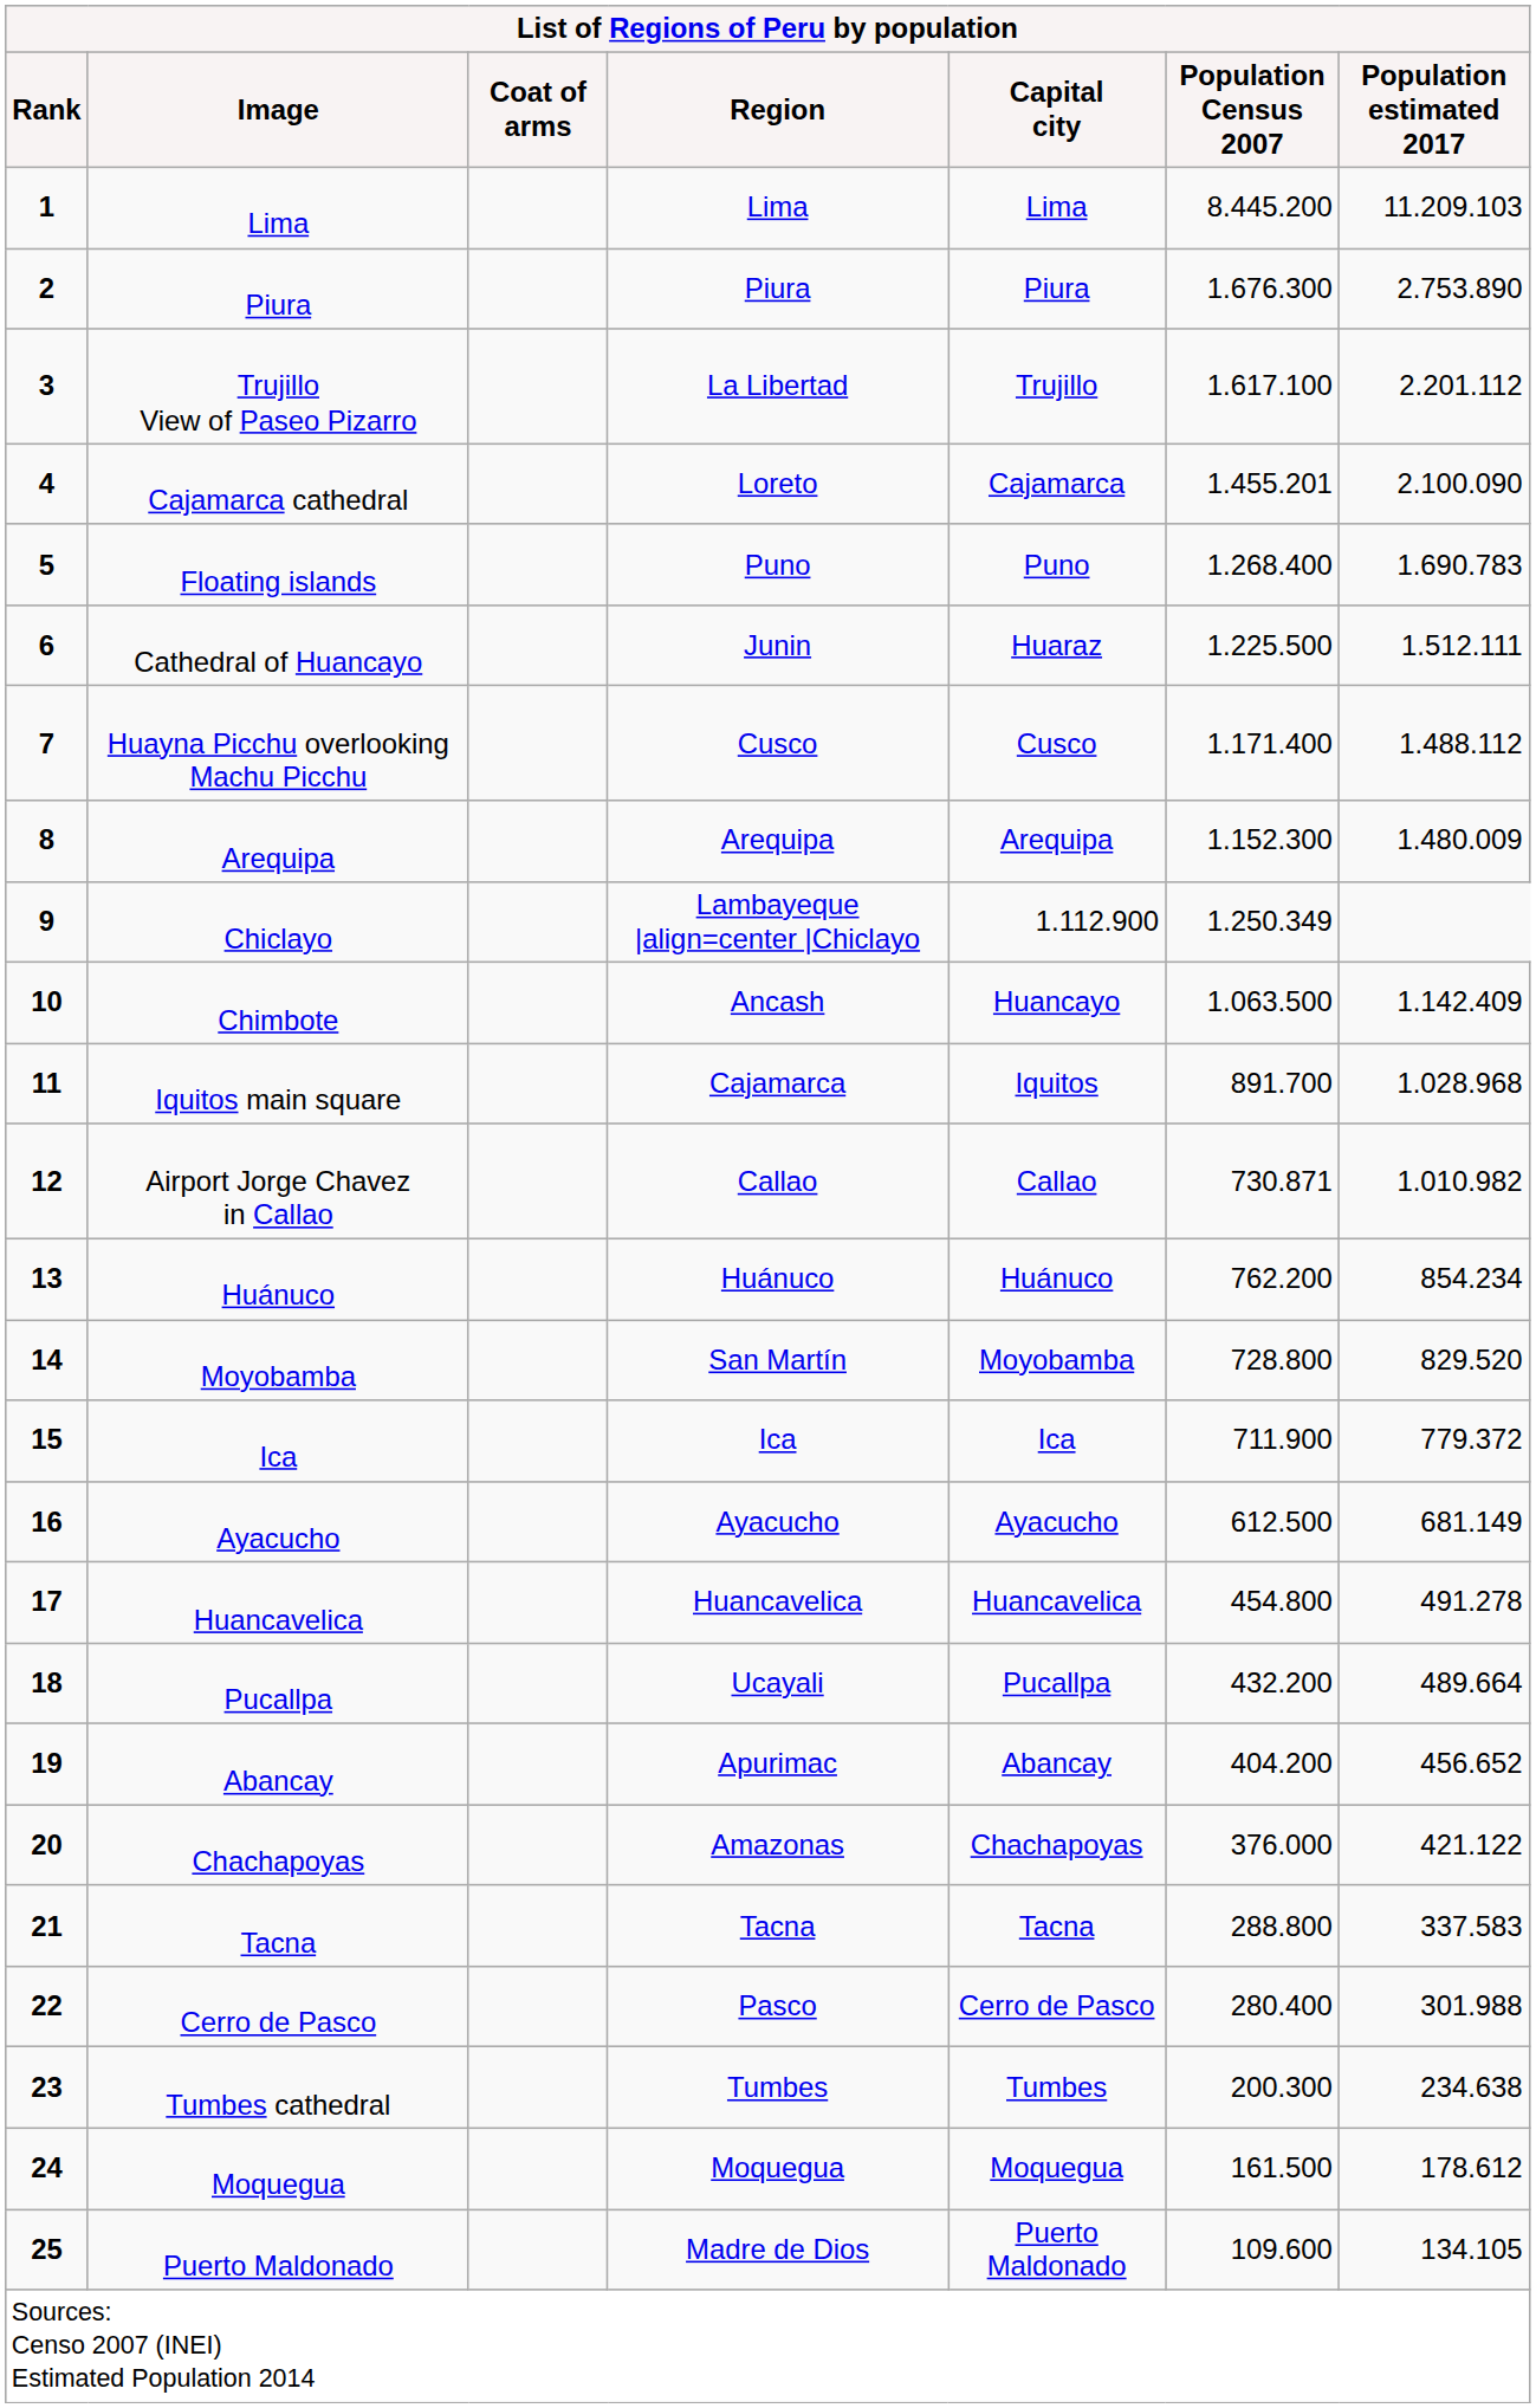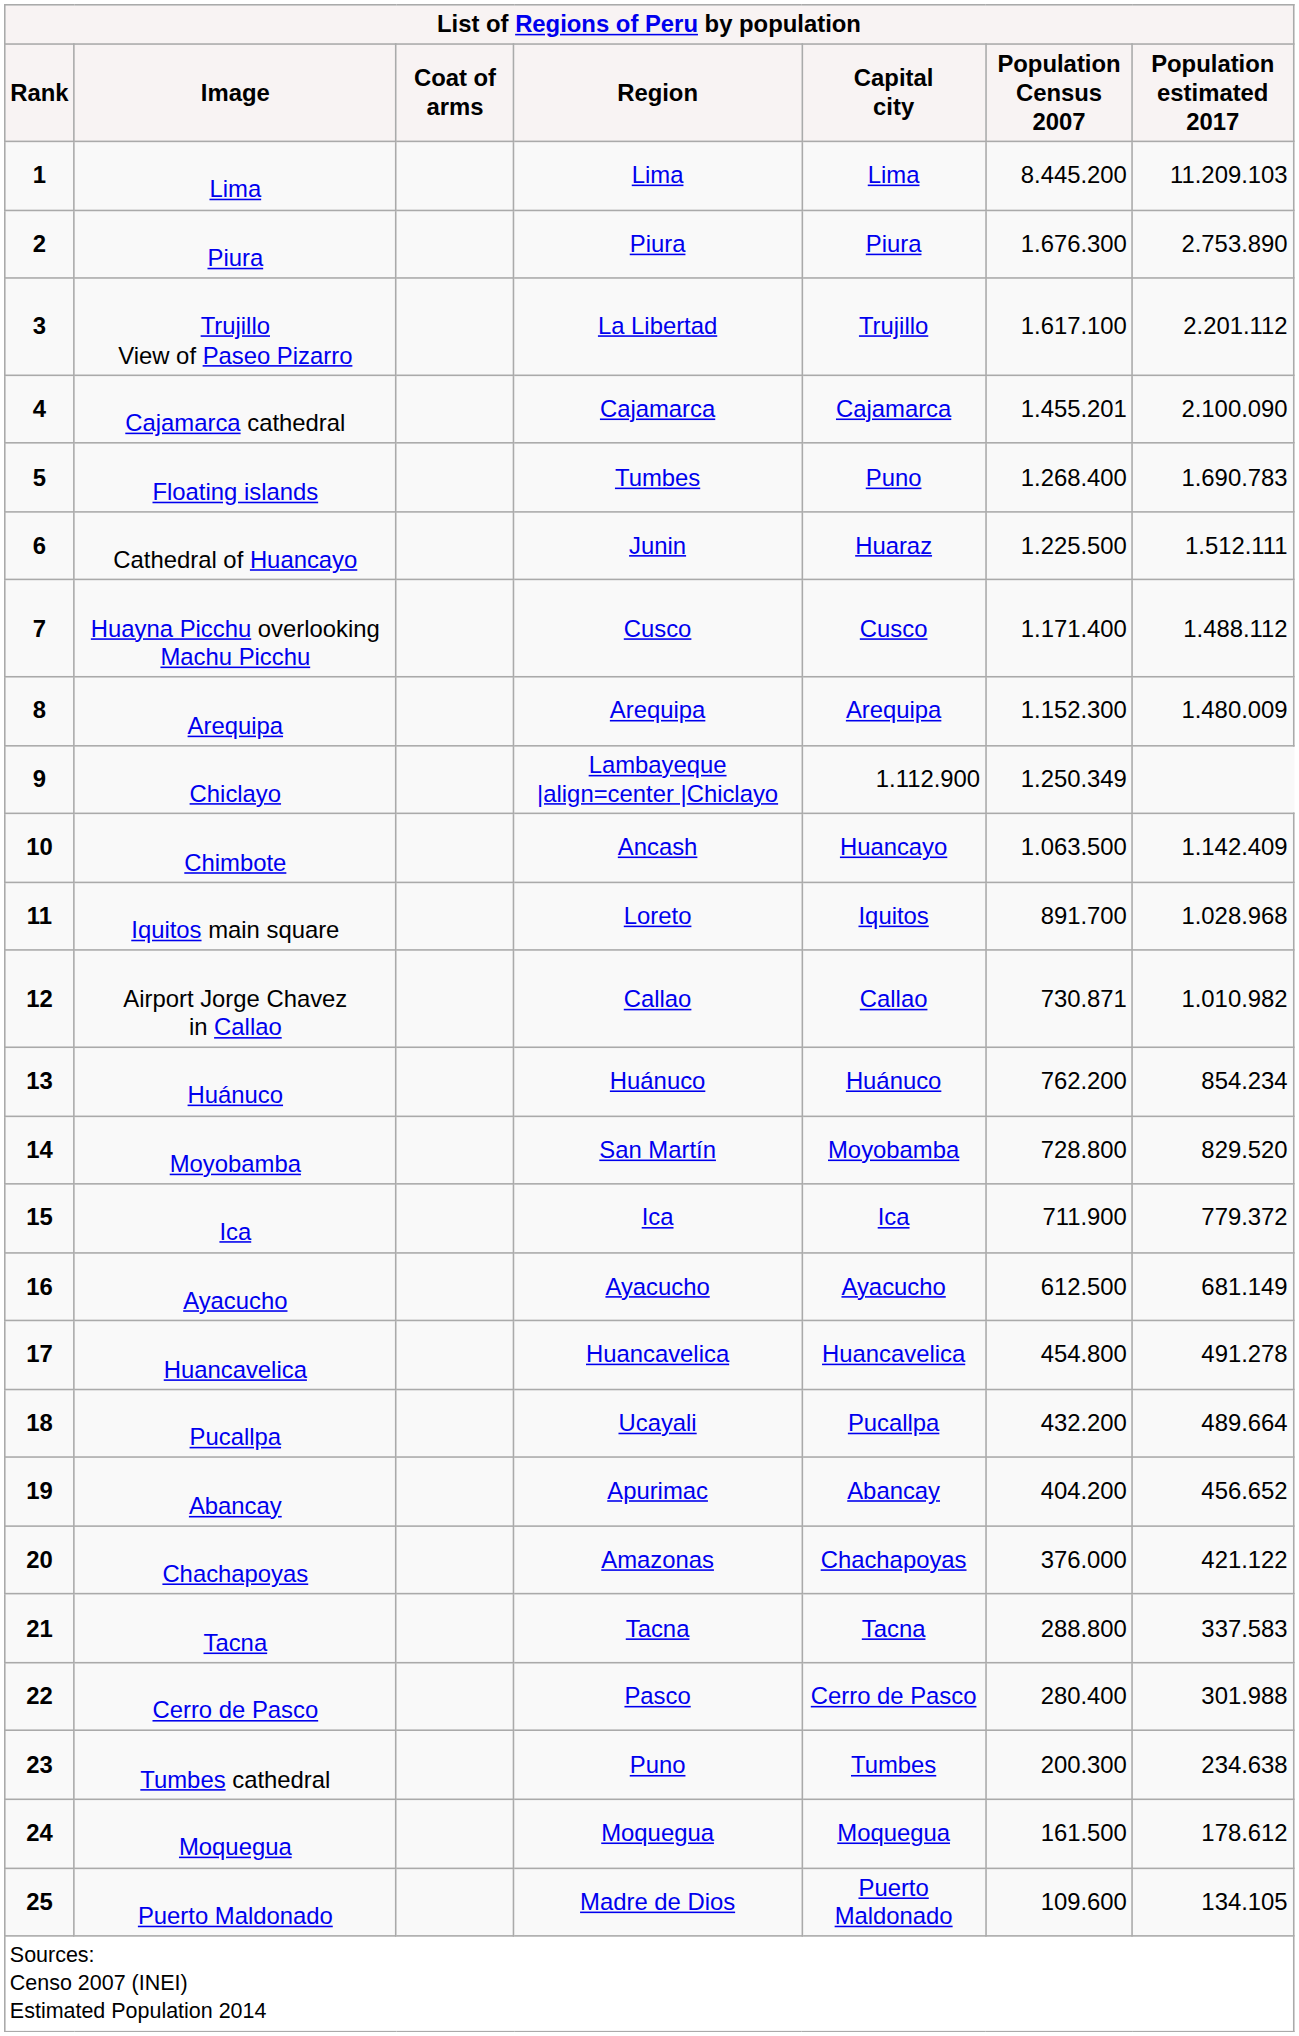 <table class="wikitable" align="center"  style="font-size:95%;width:65%;border:0px;text-align:center;line-height:120%">
 <tr ---->
 <td colspan="9" align="center" bgcolor="#F8F3F3"><strong>List of <a href='#'>Regions of Peru</a> by population</strong></td>
 </tr>
 <tr ---->
 <td align="center" bgcolor="#F8F3F3"><strong>Rank</strong></td>
 <td align="center" bgcolor="#F8F3F3"><strong>Image</strong></td>
 <td align="center" bgcolor="#F8F3F3"><strong>Coat of arms</strong></td>
 <td align="center" bgcolor="#F8F3F3"><strong>Region</strong></td>
 <td align="center" bgcolor="#F8F3F3"><strong>Capital <br> city</strong></td>
 <td align="center" bgcolor="#F8F3F3"><strong>Population<br>Census 2007</strong></td>
 <td align="center" bgcolor="#F8F3F3"><strong>Population <br>estimated 2017</strong></td>
 </tr>
 <tr ---->
 <td align=center><strong>1</strong></td>
 <td align=center><br><a href='#'>Lima</a></td>
 <td align=center></td>
 <td align=center><a href='#'>Lima</a></td>
 <td align=center><a href='#'>Lima</a></td>
 <td align=right>8.445.200</td>
 <td align=right>11.209.103</td>
 </tr>
 <tr ---->
 <td align=center><strong>2</strong></td>
 <td align=center><br><a href='#'>Piura</a></td>
 <td align=center></td>
 <td align=center><a href='#'>Piura</a></td>
 <td align=center><a href='#'>Piura</a></td>
 <td align=right>1.676.300</td>
 <td align=right>2.753.890</td>
 </tr>
 <tr ---->
 <td align=center><strong>3</strong></td>
 <td align=center><br><a href='#'>Trujillo</a><br> View of <a href='#'>Paseo Pizarro</a></td>
 <td align=center></td>
 <td align=center><a href='#'>La Libertad</a></td>
 <td align=center><a href='#'>Trujillo</a></td>
 <td align=right>1.617.100</td>
 <td align=right>2.201.112</td>
 </tr>
 <tr ---->
 <td align=center><strong>4</strong></td>
 <td align=center><br><a href='#'>Cajamarca</a> cathedral</td>
 <td align=center></td>
-<td align=center><a href='#'>Loreto</a></td>
+<td align=center><a href='#'>Cajamarca</a></td>
 <td align=center><a href='#'>Cajamarca</a></td>
 <td align=right>1.455.201</td>
 <td align=right>2.100.090</td>
 </tr>
 <tr ---->
 <td align=center><strong>5</strong></td>
 <td align=center><br><a href='#'>Floating islands</a></td>
 <td align=center></td>
-<td align=center><a href='#'>Puno</a></td>
+<td align=center><a href='#'>Tumbes</a></td>
 <td align=center><a href='#'>Puno</a></td>
 <td align=right>1.268.400</td>
 <td align=right>1.690.783</td>
 </tr>
 <tr ---->
 <td align=center><strong>6</strong></td>
 <td align=center><br>Cathedral of <a href='#'>Huancayo</a></td>
 <td align=center></td>
 <td align=center><a href='#'>Junin</a></td>
 <td align=center><a href='#'>Huaraz</a></td>
 <td align=right>1.225.500</td>
 <td align=right>1.512.111</td>
 </tr>
 <tr ---->
 <td align=center><strong>7</strong></td>
 <td align=center><br><a href='#'>Huayna Picchu</a> overlooking <a href='#'>Machu Picchu</a></td>
 <td align=center></td>
 <td align=center><a href='#'>Cusco</a></td>
 <td align=center><a href='#'>Cusco</a></td>
 <td align=right>1.171.400</td>
 <td align=right>1.488.112</td>
 </tr>
 <tr ---->
 <td align=center><strong>8</strong></td>
 <td align=center><br><a href='#'>Arequipa</a></td>
 <td align=center></td>
 <td align=center><a href='#'>Arequipa</a></td>
 <td align=center><a href='#'>Arequipa</a></td>
 <td align=right>1.152.300</td>
 <td align=right>1.480.009</td>
 </tr>
 <tr ---->
 <td align=center><strong>9</strong></td>
 <td align=center><br><a href='#'>Chiclayo</a></td>
 <td align=center></td>
 <td align=center><a href='#'>Lambayeque |align=center |</a><a href='#'>Chiclayo</a></td>
 <td align=right>1.112.900</td>
 <td align=right>1.250.349</td>
 </tr>
 <tr ---->
 <td align=center><strong>10</strong></td>
 <td align=center><br><a href='#'>Chimbote</a></td>
 <td align=center></td>
 <td align=center><a href='#'>Ancash</a></td>
 <td align=center><a href='#'>Huancayo</a></td>
 <td align=right>1.063.500</td>
 <td align=right>1.142.409</td>
 </tr>
 <tr ---->
 <td align=center><strong>11</strong></td>
 <td align=center><br><a href='#'>Iquitos</a> main square</td>
 <td align=center></td>
-<td align=center><a href='#'>Cajamarca</a></td>
+<td align=center><a href='#'>Loreto</a></td>
 <td align=center><a href='#'>Iquitos</a></td>
 <td align=right>891.700</td>
 <td align=right>1.028.968</td>
 </tr>
 <tr ---->
 <td align=center><strong>12</strong></td>
 <td align=center><br>Airport Jorge Chavez<br> in <a href='#'>Callao</a></td>
 <td align=center></td>
 <td align=center><a href='#'>Callao</a></td>
 <td align=center><a href='#'>Callao</a></td>
 <td align=right>730.871</td>
 <td align=right>1.010.982</td>
 </tr>
 <tr ---->
 <td align=center><strong>13</strong></td>
 <td align=center><br><a href='#'>Huánuco</a></td>
 <td align=center></td>
 <td align=center><a href='#'>Huánuco</a></td>
 <td align=center><a href='#'>Huánuco</a></td>
 <td align=right>762.200</td>
 <td align=right>854.234</td>
 </tr>
 <tr ---->
 <td align=center><strong>14</strong></td>
 <td align=center><br><a href='#'>Moyobamba</a></td>
 <td align=center></td>
 <td align=center><a href='#'>San Martín</a></td>
 <td align=center><a href='#'>Moyobamba</a></td>
 <td align=right>728.800</td>
 <td align=right>829.520</td>
 </tr>
 <tr ---->
 <td align=center><strong>15</strong></td>
 <td align=center><br><a href='#'>Ica</a></td>
 <td align=center></td>
 <td align=center><a href='#'>Ica</a></td>
 <td align=center><a href='#'>Ica</a></td>
 <td align=right>711.900</td>
 <td align=right>779.372</td>
 </tr>
 <tr ---->
 <td align=center><strong>16</strong></td>
 <td align=center><br><a href='#'>Ayacucho</a></td>
 <td align=center></td>
 <td align=center><a href='#'>Ayacucho</a></td>
 <td align=center><a href='#'>Ayacucho</a></td>
 <td align=right>612.500</td>
 <td align=right>681.149</td>
 </tr>
 <tr ---->
 <td align=center><strong>17</strong></td>
 <td align=center><br><a href='#'>Huancavelica</a></td>
 <td align=center></td>
 <td align=center><a href='#'>Huancavelica</a></td>
 <td align=center><a href='#'>Huancavelica</a></td>
 <td align=right>454.800</td>
 <td align=right>491.278</td>
 </tr>
 <tr ---->
 <td align=center><strong>18</strong></td>
 <td align=center><br><a href='#'>Pucallpa</a></td>
 <td align=center></td>
 <td align=center><a href='#'>Ucayali</a></td>
 <td align=center><a href='#'>Pucallpa</a></td>
 <td align=right>432.200</td>
 <td align=right>489.664</td>
 </tr>
 <tr ---->
 <td align=center><strong>19</strong></td>
 <td align=center><br><a href='#'>Abancay</a></td>
 <td align=center></td>
 <td align=center><a href='#'>Apurimac</a></td>
 <td align=center><a href='#'>Abancay</a></td>
 <td align=right>404.200</td>
 <td align=right>456.652</td>
 </tr>
 <tr ---->
 <td align=center><strong>20</strong></td>
 <td align=center><br><a href='#'>Chachapoyas</a></td>
 <td align=center></td>
 <td align=center><a href='#'>Amazonas</a></td>
 <td align=center><a href='#'>Chachapoyas</a></td>
 <td align=right>376.000</td>
 <td align=right>421.122</td>
 </tr>
 <tr ---->
 <td align=center><strong>21</strong></td>
 <td align=center><br><a href='#'>Tacna</a></td>
 <td align=center></td>
 <td align=center><a href='#'>Tacna</a></td>
 <td align=center><a href='#'>Tacna</a></td>
 <td align=right>288.800</td>
 <td align=right>337.583</td>
 </tr>
 <tr ---->
 <td align=center><strong>22</strong></td>
 <td align=center><br><a href='#'>Cerro de Pasco</a></td>
 <td align=center></td>
 <td align=center><a href='#'>Pasco</a></td>
 <td align=center><a href='#'>Cerro de Pasco</a></td>
 <td align=right>280.400</td>
 <td align=right>301.988</td>
 </tr>
 <tr ---->
 <td align=center><strong>23</strong></td>
 <td align=center><br><a href='#'>Tumbes</a> cathedral</td>
 <td align=center></td>
-<td align=center><a href='#'>Tumbes</a></td>
+<td align=center><a href='#'>Puno</a></td>
 <td align=center><a href='#'>Tumbes</a></td>
 <td align=right>200.300</td>
 <td align=right>234.638</td>
 </tr>
 <tr ---->
 <td align=center><strong>24</strong></td>
 <td align=center><br><a href='#'>Moquegua</a></td>
 <td align=center></td>
 <td align=center><a href='#'>Moquegua</a></td>
 <td align=center><a href='#'>Moquegua</a></td>
 <td align=right>161.500</td>
 <td align=right>178.612</td>
 </tr>
 <tr ---->
 <td align=center><strong>25</strong></td>
 <td align=center><br><a href='#'>Puerto Maldonado</a></td>
 <td align=center></td>
 <td align=center><a href='#'>Madre de Dios</a></td>
 <td align=center><a href='#'>Puerto Maldonado</a></td>
 <td align=right>109.600</td>
 <td align=right>134.105</td>
 </tr>
 <tr ---->
 <td colspan="7" style="text-align:left;font-size:90%;" bgcolor="#FFFFFF ">Sources:<br>Censo 2007 (INEI)<br>Estimated Population 2014</td>
 </tr>
 <tr ---->
 </tr>
 </table>
